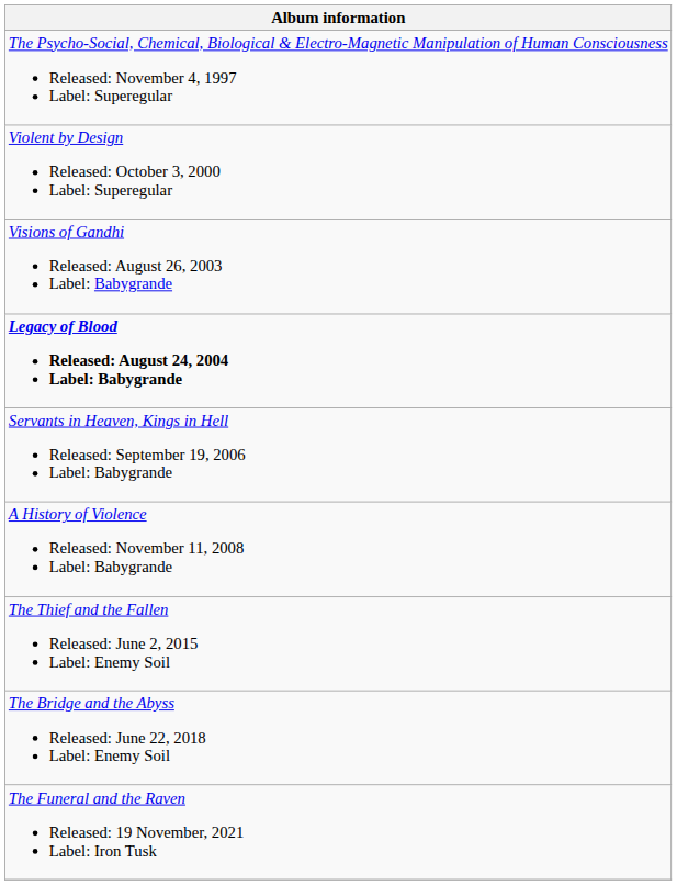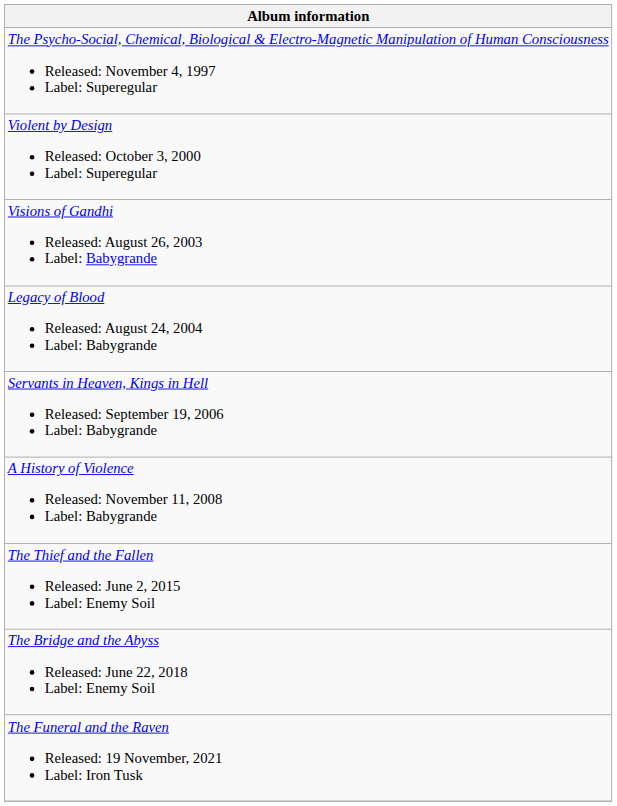 <table class="wikitable">
 <tr>
 <th align="left">Album information</th>
 </tr>
 <tr>
 <td><em><a href='#'>The Psycho-Social, Chemical, Biological & Electro-Magnetic Manipulation of Human Consciousness</a></em><br><ul><li>Released: November 4, 1997</li><li>Label: Superegular</li></ul></td>
 </tr>
 <tr>
 <td><em><a href='#'>Violent by Design</a></em><br><ul><li>Released: October 3, 2000</li><li>Label: Superegular</li></ul></td>
 </tr>
 <tr>
 <td><em><a href='#'>Visions of Gandhi</a></em><br><ul><li>Released: August 26, 2003</li><li>Label: <a href='#'>Babygrande</a></li></ul></td>
 </tr>
 <tr>
-<td><strong><em><a href='#'>Legacy of Blood</a></em><br><ul><li>Released: August 24, 2004</li><li>Label: Babygrande</li></ul></strong></td>
+<td><em><a href='#'>Legacy of Blood</a></em><br><ul><li>Released: August 24, 2004</li><li>Label: Babygrande</li></ul></td>
 </tr>
 <tr>
 <td><em><a href='#'>Servants in Heaven, Kings in Hell</a></em><br><ul><li>Released: September 19, 2006</li><li>Label: Babygrande</li></ul></td>
 </tr>
 <tr>
 <td><em><a href='#'>A History of Violence</a></em><br><ul><li>Released: November 11, 2008</li><li>Label: Babygrande</li></ul></td>
 </tr>
 <tr>
 <td><em><a href='#'>The Thief and the Fallen</a></em><br><ul><li>Released: June 2, 2015</li><li>Label: Enemy Soil</li></ul></td>
 </tr>
 <tr>
 <td><em><a href='#'>The Bridge and the Abyss</a></em><br><ul><li>Released: June 22, 2018</li><li>Label: Enemy Soil</li></ul></td>
 </tr>
 <tr>
 <td><em><a href='#'>The Funeral and the Raven</a></em><br><ul><li>Released: 19 November, 2021</li><li>Label: Iron Tusk</li></ul></td>
 </tr>
 <tr>
 </tr>
 </table>
